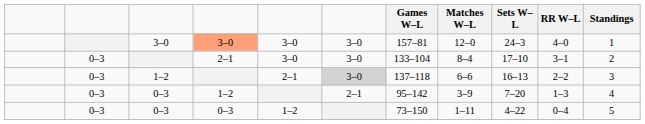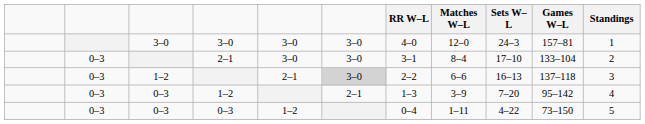 <table class="wikitable" style="width: 100%; text-align:center; font-size:90%">
 <tr>
 <td width=130></td>
 <td width=130></td>
 <td width=130></td>
 <td width=130></td>
 <td width=130></td>
 <td width=130></td>
-<th width=80>Games W–L</th>
+<th width=80>RR W–L</th>
 <th width=80>Matches W–L</th>
 <th width=80>Sets W–L</th>
-<th width=80>RR W–L</th>
+<th width=80>Games W–L</th>
 <th width=80>Standings</th>
 </tr>
 <tr>
 <td style="text-align:left;"></td>
 <th bgcolor="ededed"></th>
 <td>3–0</td>
-<td style="background: lightsalmon;">3–0</td>
 <td>3–0</td>
 <td>3–0</td>
-<td>157–81</td>
+<td>3–0</td>
+<td>4–0</td>
 <td>12–0</td>
 <td>24–3</td>
-<td>4–0</td>
+<td>157–81</td>
 <td>1</td>
 </tr>
 <tr>
 <td style="text-align:left;"></td>
 <td>0–3</td>
 <th bgcolor="ededed"></th>
 <td>2–1</td>
 <td>3–0</td>
 <td>3–0</td>
-<td>133–104</td>
+<td>3–1</td>
 <td>8–4</td>
 <td>17–10</td>
-<td>3–1</td>
+<td>133–104</td>
 <td>2</td>
 </tr>
 <tr>
 <td style="text-align:left;"></td>
 <td>0–3</td>
 <td>1–2</td>
 <th bgcolor="ededed"></th>
 <td>2–1</td>
 <td style="background: lightgrey;">3–0</td>
-<td>137–118</td>
+<td>2–2</td>
 <td>6–6</td>
 <td>16–13</td>
-<td>2–2</td>
+<td>137–118</td>
 <td>3</td>
 </tr>
 <tr>
 <td style="text-align:left;"></td>
 <td>0–3</td>
 <td>0–3</td>
 <td>1–2</td>
 <th bgcolor="ededed"></th>
 <td>2–1</td>
-<td>95–142</td>
+<td>1–3</td>
 <td>3–9</td>
 <td>7–20</td>
-<td>1–3</td>
+<td>95–142</td>
 <td>4</td>
 </tr>
 <tr>
 <td style="text-align:left;"></td>
 <td>0–3</td>
 <td>0–3</td>
 <td>0–3</td>
 <td>1–2</td>
 <th bgcolor="ededed"></th>
-<td>73–150</td>
+<td>0–4</td>
 <td>1–11</td>
 <td>4–22</td>
-<td>0–4</td>
+<td>73–150</td>
 <td>5</td>
 </tr>
 </table>
